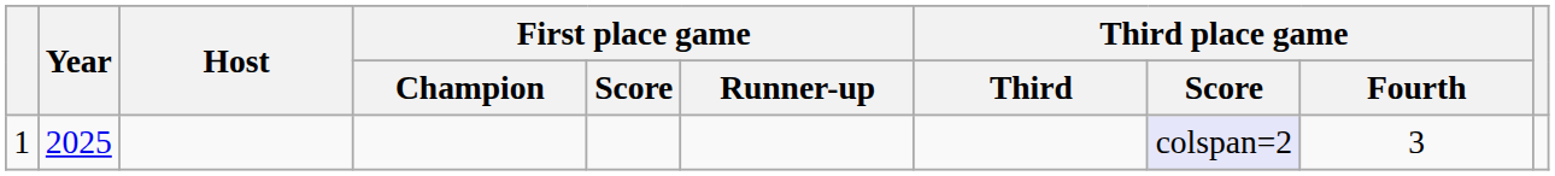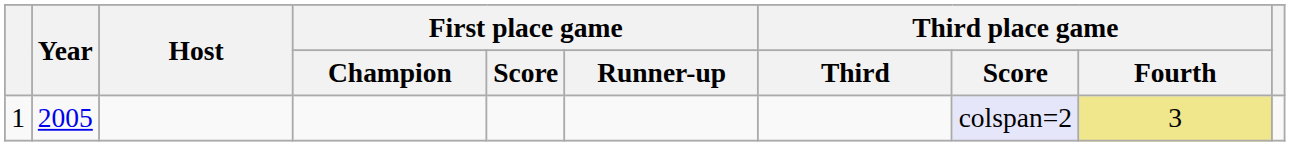 <table class="wikitable sortable" style="font-size:95%; text-align:center; width:;">
 <tr>
 <th rowspan=2 style= "width:;"></th>
 <th rowspan=2 style= "width:;">Year</th>
 <th rowspan=2 style= "width:100px;">Host</th>
 <th colspan=3>First place game</th>
 <th colspan=3>Third place game</th>
 <th rowspan=2 style= "width:;"></th>
 </tr>
 <tr>
 <th width= 100px> Champion</th>
 <th width=>Score</th>
 <th width= 100px> Runner-up</th>
 <th width= 100px> Third</th>
 <th width=>Score</th>
 <th width= 100px>Fourth</th>
 </tr>
 <tr>
 <td>1</td>
-<td><a href='#'>2025</a></td>
+<td><a href='#'>2005</a></td>
 <td align=left></td>
 <td></td>
 <td></td>
 <td></td>
 <td></td>
 <td style="background: lavender;">colspan=2 </td>
-<td>3</td>
+<td style="background: khaki;">3</td>
 </tr>
 </table>
